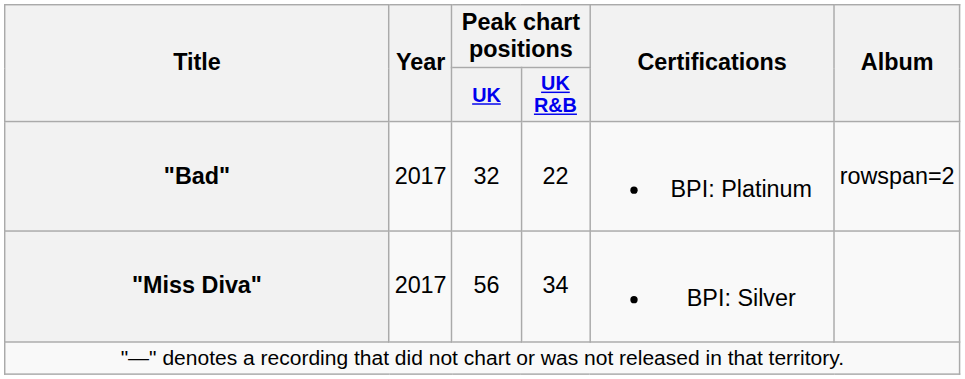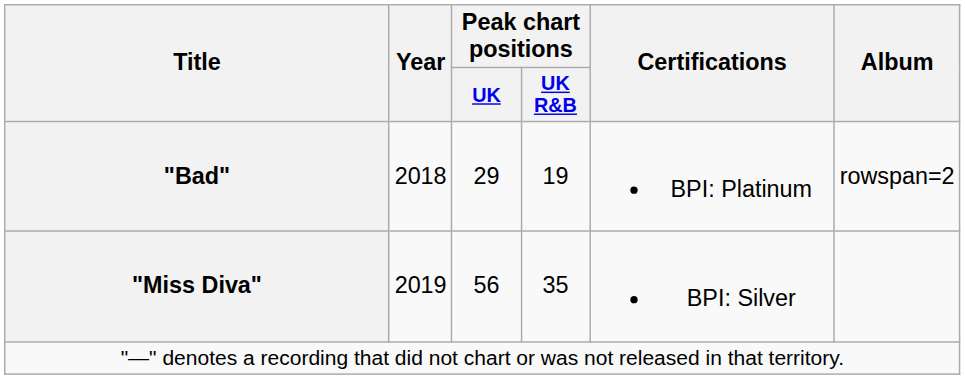 <table class="wikitable plainrowheaders" style="text-align:center;">
 <tr>
 <th scope="col" rowspan="2" style="width:16em;">Title</th>
 <th scope="col" rowspan="2">Year</th>
 <th scope="col" colspan="2">Peak chart positions</th>
 <th scope="col" rowspan="2" style="width:10em;">Certifications</th>
 <th scope="col" rowspan="2">Album</th>
 </tr>
 <tr>
 <th scope="col" style="width:3em;font-size:85%;"><a href='#'>UK</a><br></th>
 <th scope="col" style="width:3em;font-size:85%;"><a href='#'>UK<br>R&B</a><br></th>
 </tr>
 <tr>
 <th scope="row">"Bad"<br></th>
-<td>2017</td>
-<td>32</td>
-<td>22</td>
+<td>2018</td>
+<td>29</td>
+<td>19</td>
 <td><br><ul><li>BPI: Platinum</li></ul></td>
 <td>rowspan=2 </td>
 </tr>
 <tr>
 <th scope="row">"Miss Diva"<br></th>
-<td>2017</td>
+<td>2019</td>
 <td>56</td>
-<td>34</td>
+<td>35</td>
 <td><br><ul><li>BPI: Silver</li></ul></td>
 </tr>
 <tr>
 <td colspan="12" style="font-size:90%">"—" denotes a recording that did not chart or was not released in that territory.</td>
 </tr>
 </table>
